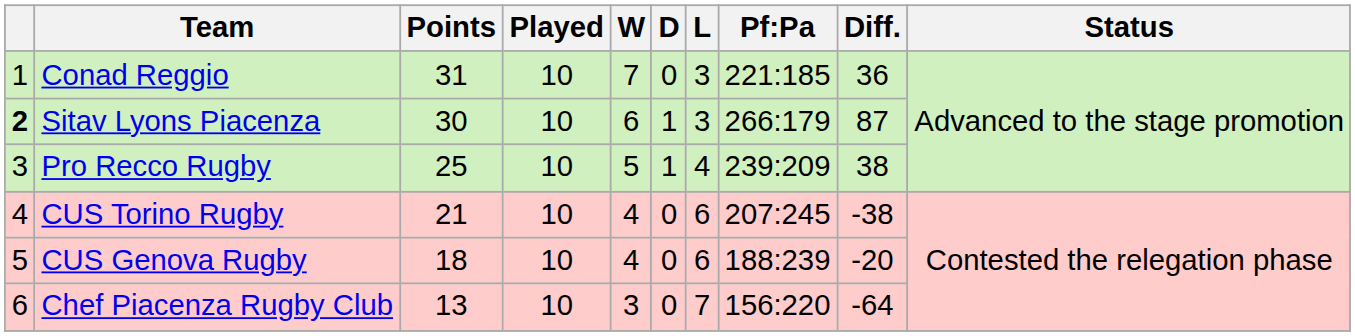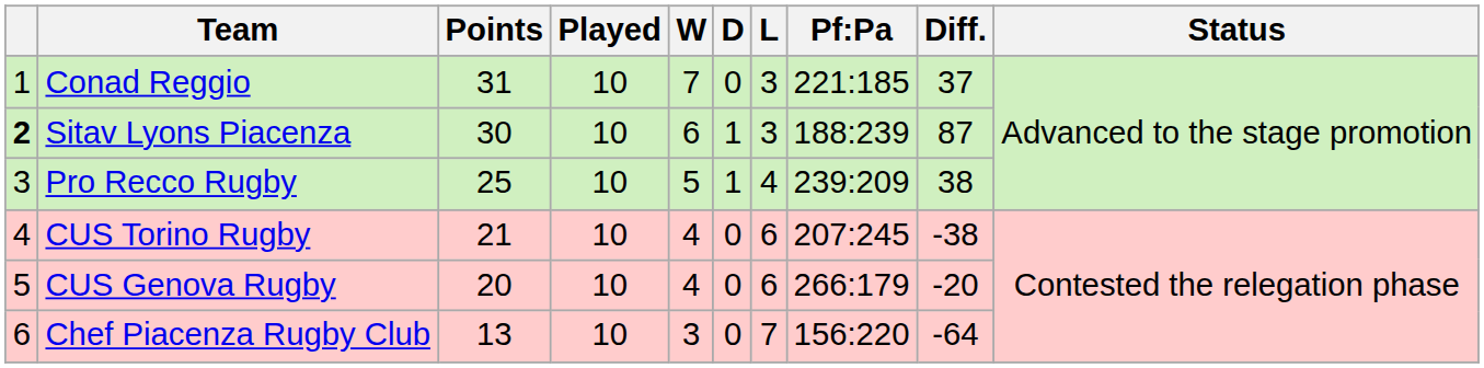 <table class="wikitable" style="float:left; margin-right:15px; text-align: center;">
 <tr>
 <th></th>
 <th>Team</th>
 <th>Points</th>
 <th>Played</th>
 <th>W</th>
 <th>D</th>
 <th>L</th>
 <th>Pf:Pa</th>
 <th>Diff.</th>
 <th>Status</th>
 </tr>
 <tr style="background:#D0F0C0">
 <td>1</td>
 <td align=left><a href='#'>Conad Reggio</a></td>
 <td>31</td>
 <td>10</td>
 <td>7</td>
 <td>0</td>
 <td>3</td>
 <td>221:185</td>
-<td>36</td>
+<td>37</td>
 <td rowspan=3>Advanced to the stage promotion</td>
 </tr>
 <tr style="background:#D0F0C0">
 <td><strong>2</strong></td>
 <td align=left><a href='#'>Sitav Lyons Piacenza</a></td>
 <td>30</td>
 <td>10</td>
 <td>6</td>
 <td>1</td>
 <td>3</td>
-<td>266:179</td>
+<td>188:239</td>
 <td>87</td>
 </tr>
 <tr style="background:#D0F0C0">
 <td>3</td>
 <td align=left><a href='#'>Pro Recco Rugby</a></td>
 <td>25</td>
 <td>10</td>
 <td>5</td>
 <td>1</td>
 <td>4</td>
 <td>239:209</td>
 <td>38</td>
 </tr>
 <tr style="background:#FFCCCC">
 <td>4</td>
 <td align=left><a href='#'>CUS Torino Rugby</a></td>
 <td>21</td>
 <td>10</td>
 <td>4</td>
 <td>0</td>
 <td>6</td>
 <td>207:245</td>
 <td>-38</td>
 <td rowspan=3>Contested the relegation phase</td>
 </tr>
 <tr style="background:#FFCCCC">
 <td>5</td>
 <td align=left><a href='#'>CUS Genova Rugby</a></td>
-<td>18</td>
+<td>20</td>
 <td>10</td>
 <td>4</td>
 <td>0</td>
 <td>6</td>
-<td>188:239</td>
+<td>266:179</td>
 <td>-20</td>
 </tr>
 <tr style="background:#FFCCCC">
 <td>6</td>
 <td align=left><a href='#'>Chef Piacenza Rugby Club</a></td>
 <td>13</td>
 <td>10</td>
 <td>3</td>
 <td>0</td>
 <td>7</td>
 <td>156:220</td>
 <td>-64</td>
 </tr>
 </table>
